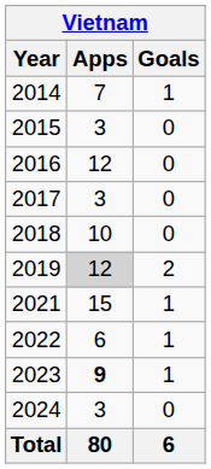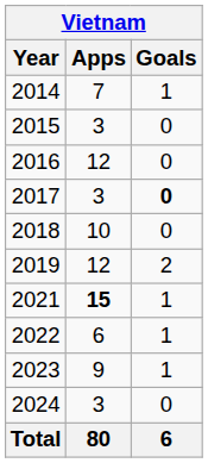 <table class="wikitable" style="text-align:center">
 <tr>
 <th colspan=3><a href='#'>Vietnam</a></th>
 </tr>
 <tr>
 <th>Year</th>
 <th>Apps</th>
 <th>Goals</th>
 </tr>
 <tr>
 <td>2014</td>
 <td>7</td>
 <td>1</td>
 </tr>
 <tr>
 <td>2015</td>
 <td>3</td>
 <td>0</td>
 </tr>
 <tr>
 <td>2016</td>
 <td>12</td>
 <td>0</td>
 </tr>
 <tr>
 <td>2017</td>
 <td>3</td>
-<td>0</td>
+<td><strong>0</strong></td>
 </tr>
 <tr>
 <td>2018</td>
 <td>10</td>
 <td>0</td>
 </tr>
 <tr>
 <td>2019</td>
-<td style="background: lightgrey;">12</td>
+<td>12</td>
 <td>2</td>
 </tr>
 <tr>
 <td>2021</td>
-<td>15</td>
+<td><strong>15</strong></td>
 <td>1</td>
 </tr>
 <tr>
 <td>2022</td>
 <td>6</td>
 <td>1</td>
 </tr>
 <tr>
 <td>2023</td>
-<td><strong>9</strong></td>
+<td>9</td>
 <td>1</td>
 </tr>
 <tr>
 <td>2024</td>
 <td>3</td>
 <td>0</td>
 </tr>
 <tr>
 <th>Total</th>
 <th>80</th>
 <th>6</th>
 </tr>
 </table>
